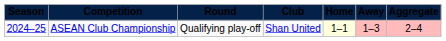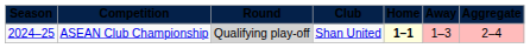 <table class="wikitable">
 <tr>
 <th style="background:#04214A"><span> Season</span></th>
 <th style="background:#04214A"><span> Competition</span></th>
 <th style="background:#04214A"><span> Round</span></th>
 <th style="background:#04214A"><span> Club</span></th>
 <th style="background:#04214A"><span> Home</span></th>
 <th style="background:#04214A"><span> Away</span></th>
 <th style="background:#04214A"><span> Aggregate</span></th>
 </tr>
 <tr>
 <td><a href='#'>2024–25</a></td>
 <td><a href='#'>ASEAN Club Championship</a></td>
-<td>Qualifying play-off</td>
+<td style="background: lightgrey;">Qualifying play-off</td>
 <td> <a href='#'>Shan United</a></td>
-<td style="text-align:center; background:#ffd;">1–1</td>
+<td style="text-align:center; background:#ffd;"><strong>1–1</strong></td>
 <td style="text-align:center; background:#FFBBBB;">1–3</td>
 <td style="text-align:center; background:#FFBBBB;" rowspan="2">2–4</td>
 </tr>
 </table>
